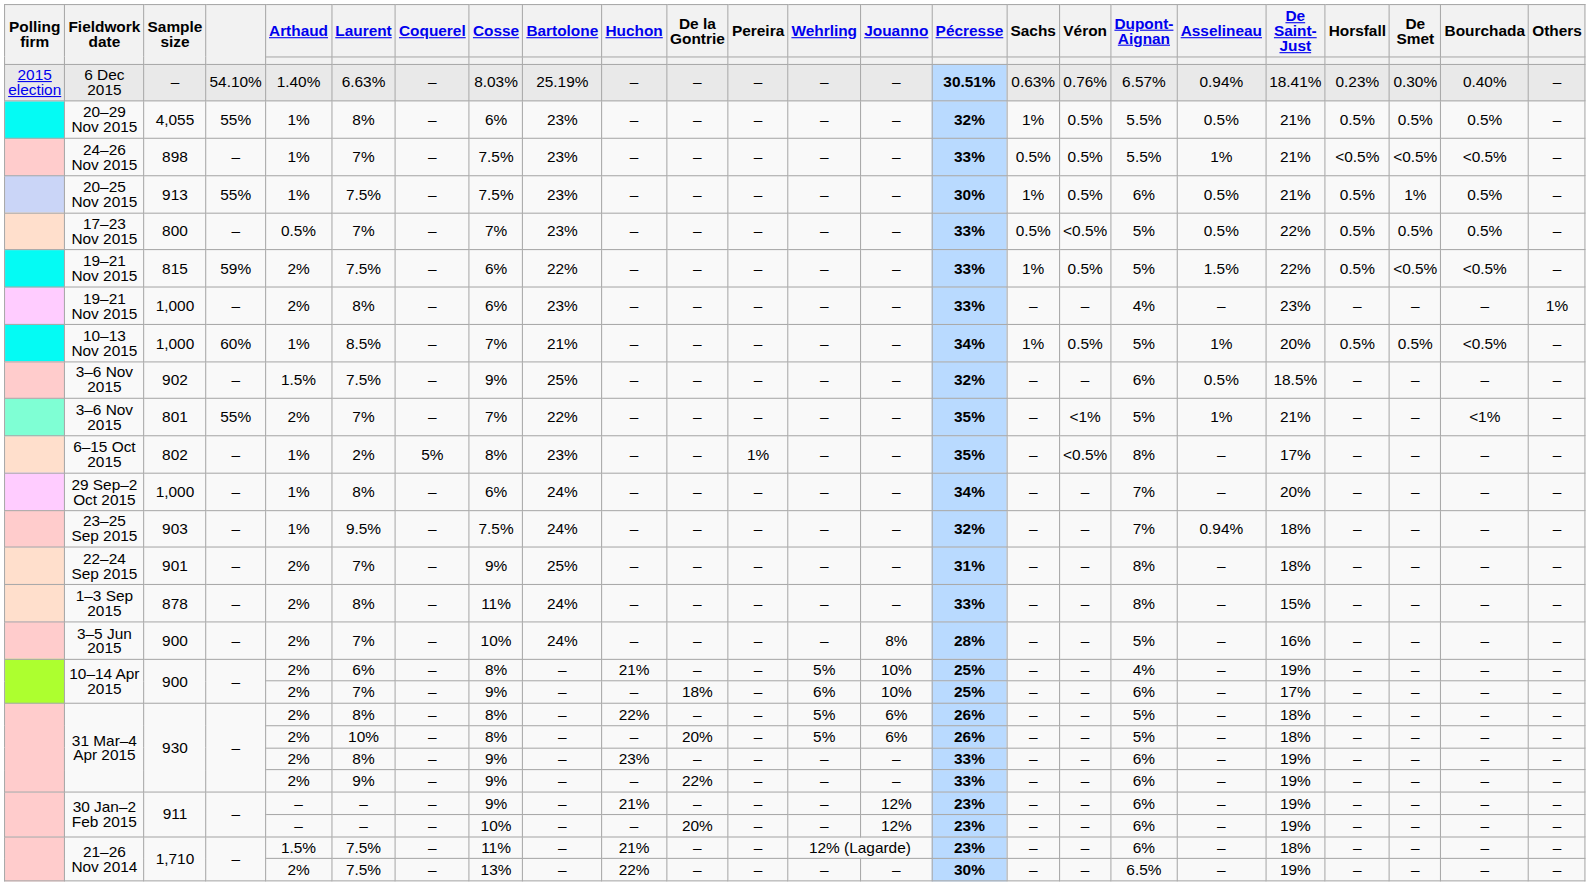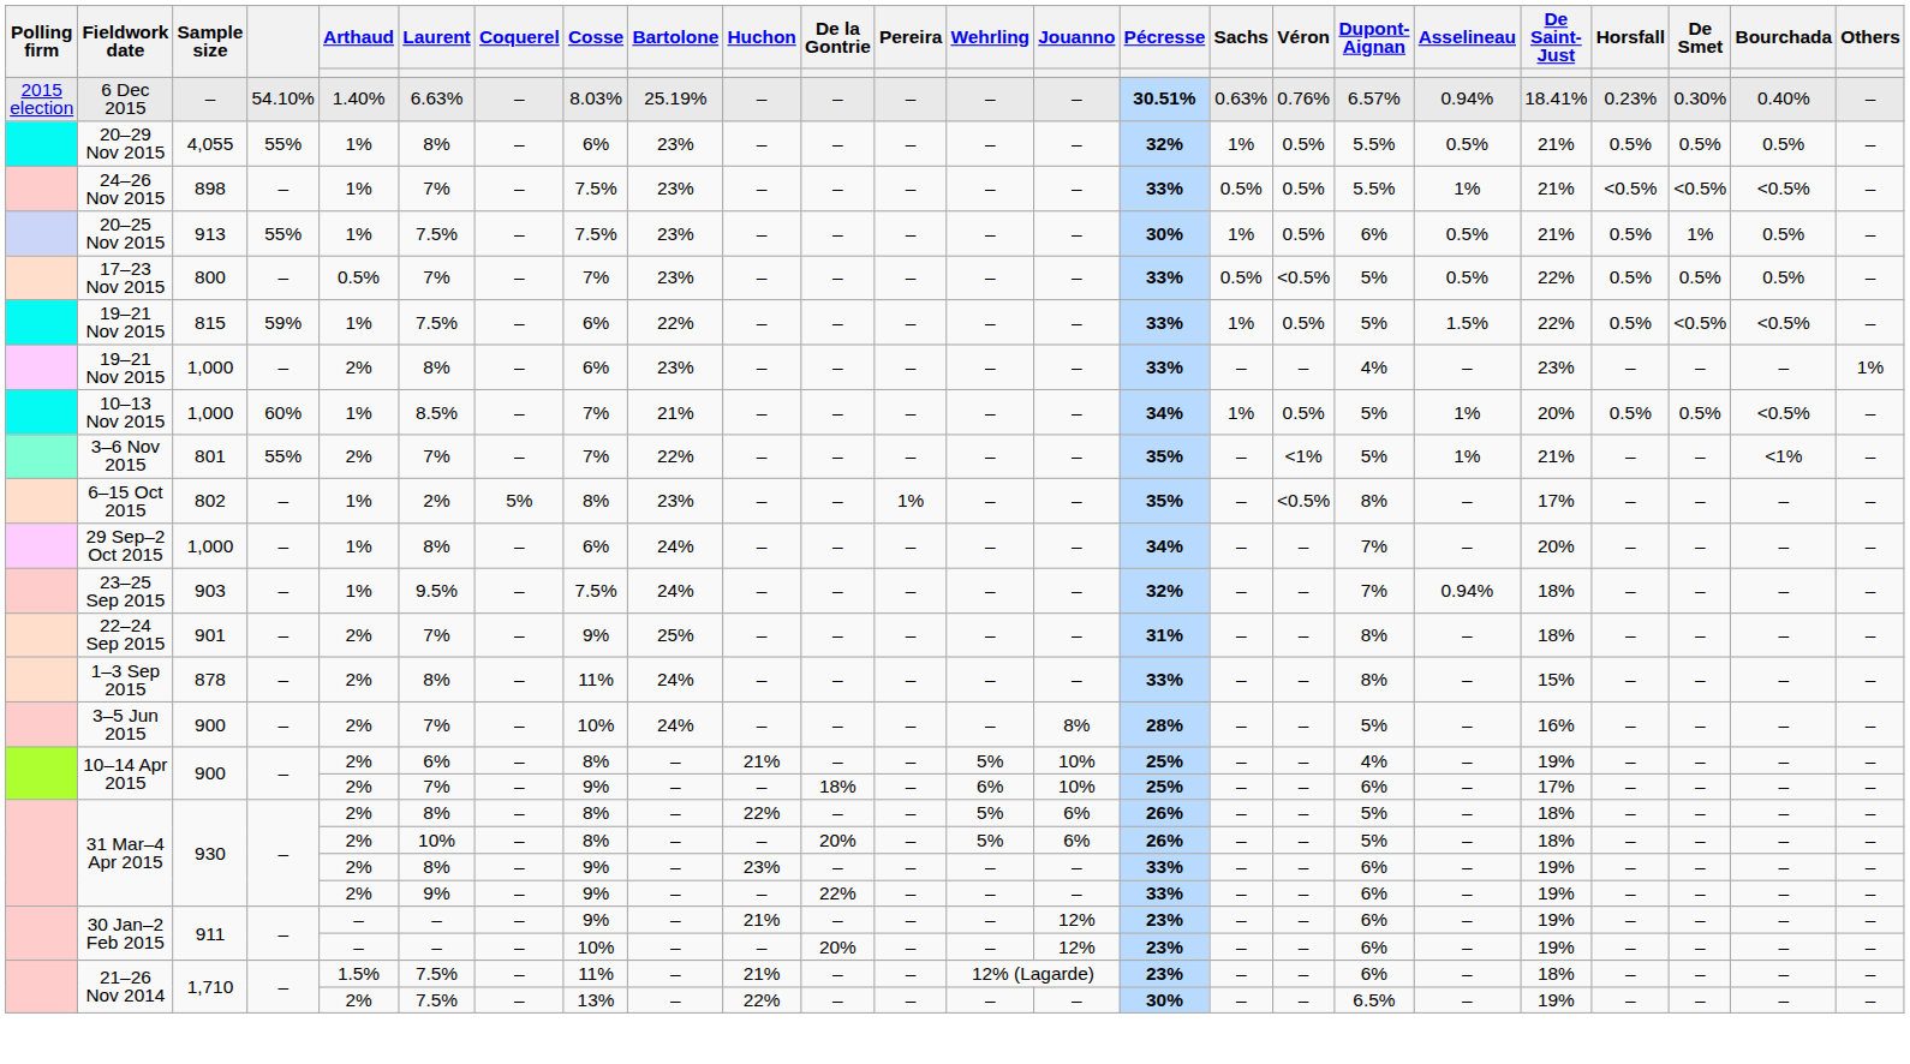 <table class="wikitable sortable" style="text-align:center;font-size:90%;line-height:14px;">
 <tr style="height:40px;">
 <th style="width:100px;" rowspan="2">Polling firm</th>
 <th style="width:110px;" rowspan="2">Fieldwork date</th>
 <th style="width:35px;" rowspan="2">Sample<br>size</th>
 <th style="width:30px;" rowspan="2"></th>
 <th class="unsortable" style="width:50px;"><a href='#'>Arthaud</a><br></th>
 <th class="unsortable" style="width:50px;"><a href='#'>Laurent</a><br></th>
 <th class="unsortable" style="width:50px;"><a href='#'>Coquerel</a><br></th>
 <th class="unsortable" style="width:50px;"><a href='#'>Cosse</a><br></th>
 <th class="unsortable" style="width:50px;"><a href='#'>Bartolone</a><br></th>
 <th class="unsortable" style="width:50px;"><a href='#'>Huchon</a><br></th>
 <th class="unsortable" style="width:50px;">De la Gontrie<br></th>
 <th class="unsortable" style="width:50px;">Pereira<br></th>
 <th class="unsortable" style="width:50px;"><a href='#'>Wehrling</a><br></th>
 <th class="unsortable" style="width:50px;"><a href='#'>Jouanno</a><br></th>
 <th class="unsortable" style="width:50px;"><a href='#'>Pécresse</a><br></th>
 <th class="unsortable" style="width:50px;">Sachs<br></th>
 <th class="unsortable" style="width:50px;">Véron<br></th>
 <th class="unsortable" style="width:50px;"><a href='#'>Dupont-Aignan</a><br></th>
 <th class="unsortable" style="width:50px;"><a href='#'>Asselineau</a><br></th>
 <th class="unsortable" style="width:50px;"><a href='#'>De Saint-Just</a><br></th>
 <th class="unsortable" style="width:50px;">Horsfall<br></th>
 <th class="unsortable" style="width:50px;">De Smet<br></th>
 <th class="unsortable" style="width:50px;">Bourchada<br></th>
 <th class="unsortable" style="width:50px;">Others</th>
 </tr>
 <tr>
 <th style="background:"></th>
 <th style="background:"></th>
 <th style="background:"></th>
 <th style="background:"></th>
 <th style="background:"></th>
 <th style="background:"></th>
 <th style="background:"></th>
 <th style="background:"></th>
 <th style="background:"></th>
 <th style="background:"></th>
 <th style="background:"></th>
 <th style="background:"></th>
 <th style="background:"></th>
 <th style="background:"></th>
 <th style="background:"></th>
 <th style="background:"></th>
 <th style="background:"></th>
 <th style="background:"></th>
 <th style="background:"></th>
 <th style="background:"></th>
 </tr>
 <tr style="background:#E9E9E9;">
 <td><a href='#'>2015 election</a></td>
 <td data-sort-value="2015-12-06">6 Dec 2015</td>
 <td>–</td>
 <td>54.10%</td>
 <td>1.40%</td>
 <td>6.63%</td>
 <td>–</td>
 <td>8.03%</td>
 <td>25.19%</td>
 <td>–</td>
 <td>–</td>
 <td>–</td>
 <td>–</td>
 <td>–</td>
 <td style="background:#B9DAFF;"><strong>30.51%</strong></td>
 <td>0.63%</td>
 <td>0.76%</td>
 <td>6.57%</td>
 <td>0.94%</td>
 <td>18.41%</td>
 <td>0.23%</td>
 <td>0.30%</td>
 <td>0.40%</td>
 <td>–</td>
 </tr>
 <tr>
 <td style="background:#04FBF4;"></td>
 <td data-sort-value="2015-11-29">20–29 Nov 2015</td>
 <td>4,055</td>
 <td>55%</td>
 <td>1%</td>
 <td>8%</td>
 <td>–</td>
 <td>6%</td>
 <td>23%</td>
 <td>–</td>
 <td>–</td>
 <td>–</td>
 <td>–</td>
 <td>–</td>
 <td style="background:#B9DAFF;"><strong>32%</strong></td>
 <td>1%</td>
 <td>0.5%</td>
 <td>5.5%</td>
 <td>0.5%</td>
 <td>21%</td>
 <td>0.5%</td>
 <td>0.5%</td>
 <td>0.5%</td>
 <td>–</td>
 </tr>
 <tr>
 <td style="background:#FFCCCC;"></td>
 <td data-sort-value="2015-11-26">24–26 Nov 2015</td>
 <td>898</td>
 <td>–</td>
 <td>1%</td>
 <td>7%</td>
 <td>–</td>
 <td>7.5%</td>
 <td>23%</td>
 <td>–</td>
 <td>–</td>
 <td>–</td>
 <td>–</td>
 <td>–</td>
 <td style="background:#B9DAFF;"><strong>33%</strong></td>
 <td>0.5%</td>
 <td>0.5%</td>
 <td>5.5%</td>
 <td>1%</td>
 <td>21%</td>
 <td data-sort-value="0%"><0.5%</td>
 <td data-sort-value="0%"><0.5%</td>
 <td data-sort-value="0%"><0.5%</td>
 <td>–</td>
 </tr>
 <tr>
 <td style="background:#CAD5F7;"></td>
 <td data-sort-value="2015-11-25">20–25 Nov 2015</td>
 <td>913</td>
 <td>55%</td>
 <td>1%</td>
 <td>7.5%</td>
 <td>–</td>
 <td>7.5%</td>
 <td>23%</td>
 <td>–</td>
 <td>–</td>
 <td>–</td>
 <td>–</td>
 <td>–</td>
 <td style="background:#B9DAFF;"><strong>30%</strong></td>
 <td>1%</td>
 <td>0.5%</td>
 <td>6%</td>
 <td>0.5%</td>
 <td>21%</td>
 <td>0.5%</td>
 <td>1%</td>
 <td>0.5%</td>
 <td>–</td>
 </tr>
 <tr>
 <td style="background:#FFDFCC;"></td>
 <td data-sort-value="2015-11-23">17–23 Nov 2015</td>
 <td>800</td>
 <td>–</td>
 <td>0.5%</td>
 <td>7%</td>
 <td>–</td>
 <td>7%</td>
 <td>23%</td>
 <td>–</td>
 <td>–</td>
 <td>–</td>
 <td>–</td>
 <td>–</td>
 <td style="background:#B9DAFF;"><strong>33%</strong></td>
 <td>0.5%</td>
 <td data-sort-value="0%"><0.5%</td>
 <td>5%</td>
 <td>0.5%</td>
 <td>22%</td>
 <td>0.5%</td>
 <td>0.5%</td>
 <td>0.5%</td>
 <td>–</td>
 </tr>
 <tr>
 <td style="background:#04FBF4;"></td>
 <td data-sort-value="2015-11-21">19–21 Nov 2015</td>
 <td>815</td>
 <td>59%</td>
-<td>2%</td>
+<td>1%</td>
 <td>7.5%</td>
 <td>–</td>
 <td>6%</td>
 <td>22%</td>
 <td>–</td>
 <td>–</td>
 <td>–</td>
 <td>–</td>
 <td>–</td>
 <td style="background:#B9DAFF;"><strong>33%</strong></td>
 <td>1%</td>
 <td>0.5%</td>
 <td>5%</td>
 <td>1.5%</td>
 <td>22%</td>
 <td>0.5%</td>
 <td data-sort-value="0%"><0.5%</td>
 <td data-sort-value="0%"><0.5%</td>
 <td>–</td>
 </tr>
 <tr>
 <td style="background:#FFCCFF;"></td>
 <td data-sort-value="2015-11-21">19–21 Nov 2015</td>
 <td>1,000</td>
 <td>–</td>
 <td>2%</td>
 <td>8%</td>
 <td>–</td>
 <td>6%</td>
 <td>23%</td>
 <td>–</td>
 <td>–</td>
 <td>–</td>
 <td>–</td>
 <td>–</td>
 <td style="background:#B9DAFF;"><strong>33%</strong></td>
 <td>–</td>
 <td>–</td>
 <td>4%</td>
 <td>–</td>
 <td>23%</td>
 <td>–</td>
 <td>–</td>
 <td>–</td>
 <td>1%</td>
 </tr>
 <tr>
 <td style="background:#04FBF4;"></td>
 <td data-sort-value="2015-11-13">10–13 Nov 2015</td>
 <td>1,000</td>
 <td>60%</td>
 <td>1%</td>
 <td>8.5%</td>
 <td>–</td>
 <td>7%</td>
 <td>21%</td>
 <td>–</td>
 <td>–</td>
 <td>–</td>
 <td>–</td>
 <td>–</td>
 <td style="background:#B9DAFF;"><strong>34%</strong></td>
 <td>1%</td>
 <td>0.5%</td>
 <td>5%</td>
 <td>1%</td>
 <td>20%</td>
 <td>0.5%</td>
 <td>0.5%</td>
 <td data-sort-value="0%"><0.5%</td>
-<td>–</td>
-</tr>
-<tr>
-<td style="background:#FFCCCC;"></td>
-<td data-sort-value="2015-11-06">3–6 Nov 2015</td>
-<td>902</td>
-<td>–</td>
-<td>1.5%</td>
-<td>7.5%</td>
-<td>–</td>
-<td>9%</td>
-<td>25%</td>
-<td>–</td>
-<td>–</td>
-<td>–</td>
-<td>–</td>
-<td>–</td>
-<td style="background:#B9DAFF;"><strong>32%</strong></td>
-<td>–</td>
-<td>–</td>
-<td>6%</td>
-<td>0.5%</td>
-<td>18.5%</td>
-<td>–</td>
-<td>–</td>
-<td>–</td>
 <td>–</td>
 </tr>
 <tr>
 <td style="background:aquamarine;"></td>
 <td data-sort-value="2015-11-06">3–6 Nov 2015</td>
 <td>801</td>
 <td>55%</td>
 <td>2%</td>
 <td>7%</td>
 <td>–</td>
 <td>7%</td>
 <td>22%</td>
 <td>–</td>
 <td>–</td>
 <td>–</td>
 <td>–</td>
 <td>–</td>
 <td style="background:#B9DAFF;"><strong>35%</strong></td>
 <td>–</td>
 <td data-sort-value="0%"><1%</td>
 <td>5%</td>
 <td>1%</td>
 <td>21%</td>
 <td>–</td>
 <td>–</td>
 <td data-sort-value="0%"><1%</td>
 <td>–</td>
 </tr>
 <tr>
 <td style="background:#FFDFCC;"></td>
 <td data-sort-value="2015-10-15">6–15 Oct 2015</td>
 <td>802</td>
 <td>–</td>
 <td>1%</td>
 <td>2%</td>
 <td>5%</td>
 <td>8%</td>
 <td>23%</td>
 <td>–</td>
 <td>–</td>
 <td>1%</td>
 <td>–</td>
 <td>–</td>
 <td style="background:#B9DAFF;"><strong>35%</strong></td>
 <td>–</td>
 <td data-sort-value="0%"><0.5%</td>
 <td>8%</td>
 <td>–</td>
 <td>17%</td>
 <td>–</td>
 <td>–</td>
 <td>–</td>
 <td>–</td>
 </tr>
 <tr>
 <td style="background:#FFCCFF;"></td>
 <td data-sort-value="2015-10-02">29 Sep–2 Oct 2015</td>
 <td>1,000</td>
 <td>–</td>
 <td>1%</td>
 <td>8%</td>
 <td>–</td>
 <td>6%</td>
 <td>24%</td>
 <td>–</td>
 <td>–</td>
 <td>–</td>
 <td>–</td>
 <td>–</td>
 <td style="background:#B9DAFF;"><strong>34%</strong></td>
 <td>–</td>
 <td>–</td>
 <td>7%</td>
 <td>–</td>
 <td>20%</td>
 <td>–</td>
 <td>–</td>
 <td>–</td>
 <td>–</td>
 </tr>
 <tr>
 <td style="background:#FFCCCC;"></td>
 <td data-sort-value="2015-09-25">23–25 Sep 2015</td>
 <td>903</td>
 <td>–</td>
 <td>1%</td>
 <td>9.5%</td>
 <td>–</td>
 <td>7.5%</td>
 <td>24%</td>
 <td>–</td>
 <td>–</td>
 <td>–</td>
 <td>–</td>
 <td>–</td>
 <td style="background:#B9DAFF;"><strong>32%</strong></td>
 <td>–</td>
 <td>–</td>
 <td>7%</td>
 <td>0.94%</td>
 <td>18%</td>
 <td>–</td>
 <td>–</td>
 <td>–</td>
 <td>–</td>
 </tr>
 <tr>
 <td style="background:#FFDFCC;"></td>
 <td data-sort-value="2015-09-24">22–24 Sep 2015</td>
 <td>901</td>
 <td>–</td>
 <td>2%</td>
 <td>7%</td>
 <td>–</td>
 <td>9%</td>
 <td>25%</td>
 <td>–</td>
 <td>–</td>
 <td>–</td>
 <td>–</td>
 <td>–</td>
 <td style="background:#B9DAFF;"><strong>31%</strong></td>
 <td>–</td>
 <td>–</td>
 <td>8%</td>
 <td>–</td>
 <td>18%</td>
 <td>–</td>
 <td>–</td>
 <td>–</td>
 <td>–</td>
 </tr>
 <tr>
 <td style="background:#FFDFCC;"></td>
 <td data-sort-value="2015-09-03">1–3 Sep 2015</td>
 <td>878</td>
 <td>–</td>
 <td>2%</td>
 <td>8%</td>
 <td>–</td>
 <td>11%</td>
 <td>24%</td>
 <td>–</td>
 <td>–</td>
 <td>–</td>
 <td>–</td>
 <td>–</td>
 <td style="background:#B9DAFF;"><strong>33%</strong></td>
 <td>–</td>
 <td>–</td>
 <td>8%</td>
 <td>–</td>
 <td>15%</td>
 <td>–</td>
 <td>–</td>
 <td>–</td>
 <td>–</td>
 </tr>
 <tr>
 <td style="background:#FFCCCC;"></td>
 <td data-sort-value="2015-06-05">3–5 Jun 2015</td>
 <td>900</td>
 <td>–</td>
 <td>2%</td>
 <td>7%</td>
 <td>–</td>
 <td>10%</td>
 <td>24%</td>
 <td>–</td>
 <td>–</td>
 <td>–</td>
 <td>–</td>
 <td>8%</td>
 <td style="background:#B9DAFF;"><strong>28%</strong></td>
 <td>–</td>
 <td>–</td>
 <td>5%</td>
 <td>–</td>
 <td>16%</td>
 <td>–</td>
 <td>–</td>
 <td>–</td>
 <td>–</td>
 </tr>
 <tr>
 <td rowspan="2" style="background:GreenYellow;"></td>
 <td rowspan="2" data-sort-value="2015-04-14">10–14 Apr 2015</td>
 <td rowspan="2">900</td>
 <td rowspan="2">–</td>
 <td>2%</td>
 <td>6%</td>
 <td>–</td>
 <td>8%</td>
 <td>–</td>
 <td>21%</td>
 <td>–</td>
 <td>–</td>
 <td>5%</td>
 <td>10%</td>
 <td style="background:#B9DAFF;"><strong>25%</strong></td>
 <td>–</td>
 <td>–</td>
 <td>4%</td>
 <td>–</td>
 <td>19%</td>
 <td>–</td>
 <td>–</td>
 <td>–</td>
 <td>–</td>
 </tr>
 <tr>
 <td>2%</td>
 <td>7%</td>
 <td>–</td>
 <td>9%</td>
 <td>–</td>
 <td>–</td>
 <td>18%</td>
 <td>–</td>
 <td>6%</td>
 <td>10%</td>
 <td style="background:#B9DAFF;"><strong>25%</strong></td>
 <td>–</td>
 <td>–</td>
 <td>6%</td>
 <td>–</td>
 <td>17%</td>
 <td>–</td>
 <td>–</td>
 <td>–</td>
 <td>–</td>
 </tr>
 <tr>
 <td rowspan="4" style="background:#FFCCCC;"></td>
 <td rowspan="4" data-sort-value="2015-04-04">31 Mar–4 Apr 2015</td>
 <td rowspan="4">930</td>
 <td rowspan="4">–</td>
 <td>2%</td>
 <td>8%</td>
 <td>–</td>
 <td>8%</td>
 <td>–</td>
 <td>22%</td>
 <td>–</td>
 <td>–</td>
 <td>5%</td>
 <td>6%</td>
 <td style="background:#B9DAFF;"><strong>26%</strong></td>
 <td>–</td>
 <td>–</td>
 <td>5%</td>
 <td>–</td>
 <td>18%</td>
 <td>–</td>
 <td>–</td>
 <td>–</td>
 <td>–</td>
 </tr>
 <tr>
 <td>2%</td>
 <td>10%</td>
 <td>–</td>
 <td>8%</td>
 <td>–</td>
 <td>–</td>
 <td>20%</td>
 <td>–</td>
 <td>5%</td>
 <td>6%</td>
 <td style="background:#B9DAFF;"><strong>26%</strong></td>
 <td>–</td>
 <td>–</td>
 <td>5%</td>
 <td>–</td>
 <td>18%</td>
 <td>–</td>
 <td>–</td>
 <td>–</td>
 <td>–</td>
 </tr>
 <tr>
 <td>2%</td>
 <td>8%</td>
 <td>–</td>
 <td>9%</td>
 <td>–</td>
 <td>23%</td>
 <td>–</td>
 <td>–</td>
 <td>–</td>
 <td>–</td>
 <td style="background:#B9DAFF;"><strong>33%</strong></td>
 <td>–</td>
 <td>–</td>
 <td>6%</td>
 <td>–</td>
 <td>19%</td>
 <td>–</td>
 <td>–</td>
 <td>–</td>
 <td>–</td>
 </tr>
 <tr>
 <td>2%</td>
 <td>9%</td>
 <td>–</td>
 <td>9%</td>
 <td>–</td>
 <td>–</td>
 <td>22%</td>
 <td>–</td>
 <td>–</td>
 <td>–</td>
 <td style="background:#B9DAFF;"><strong>33%</strong></td>
 <td>–</td>
 <td>–</td>
 <td>6%</td>
 <td>–</td>
 <td>19%</td>
 <td>–</td>
 <td>–</td>
 <td>–</td>
 <td>–</td>
 </tr>
 <tr>
 <td rowspan="2" style="background:#FFCCCC;"></td>
 <td rowspan="2" data-sort-value="2015-02-02">30 Jan–2 Feb 2015</td>
 <td rowspan="2">911</td>
 <td rowspan="2">–</td>
 <td>–</td>
 <td>–</td>
 <td>–</td>
 <td>9%</td>
 <td>–</td>
 <td>21%</td>
 <td>–</td>
 <td>–</td>
 <td>–</td>
 <td>12%</td>
 <td style="background:#B9DAFF;"><strong>23%</strong></td>
 <td>–</td>
 <td>–</td>
 <td>6%</td>
 <td>–</td>
 <td>19%</td>
 <td>–</td>
 <td>–</td>
 <td>–</td>
 <td>–</td>
 </tr>
 <tr>
 <td>–</td>
 <td>–</td>
 <td>–</td>
 <td>10%</td>
 <td>–</td>
 <td>–</td>
 <td>20%</td>
 <td>–</td>
 <td>–</td>
 <td>12%</td>
 <td style="background:#B9DAFF;"><strong>23%</strong></td>
 <td>–</td>
 <td>–</td>
 <td>6%</td>
 <td>–</td>
 <td>19%</td>
 <td>–</td>
 <td>–</td>
 <td>–</td>
 <td>–</td>
 </tr>
 <tr>
 <td rowspan="2" style="background:#FFCCCC;"></td>
 <td rowspan="2" data-sort-value="2014-11-26">21–26 Nov 2014</td>
 <td rowspan="2">1,710</td>
 <td rowspan="2">–</td>
 <td>1.5%</td>
 <td>7.5%</td>
 <td>–</td>
 <td>11%</td>
 <td>–</td>
 <td>21%</td>
 <td>–</td>
 <td>–</td>
 <td colspan="2">12% (Lagarde)</td>
 <td style="background:#B9DAFF;"><strong>23%</strong></td>
 <td>–</td>
 <td>–</td>
 <td>6%</td>
 <td>–</td>
 <td>18%</td>
 <td>–</td>
 <td>–</td>
 <td>–</td>
 <td>–</td>
 </tr>
 <tr>
 <td>2%</td>
 <td>7.5%</td>
 <td>–</td>
 <td>13%</td>
 <td>–</td>
 <td>22%</td>
 <td>–</td>
 <td>–</td>
 <td>–</td>
 <td>–</td>
 <td style="background:#B9DAFF;"><strong>30%</strong></td>
 <td>–</td>
 <td>–</td>
 <td>6.5%</td>
 <td>–</td>
 <td>19%</td>
 <td>–</td>
 <td>–</td>
 <td>–</td>
 <td>–</td>
 </tr>
 </table>
